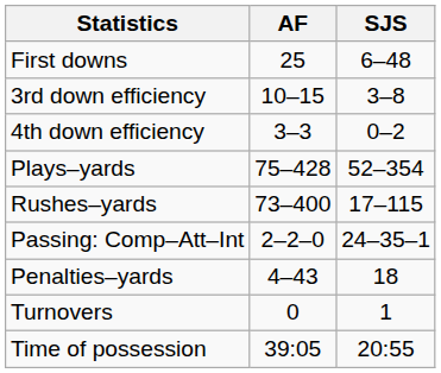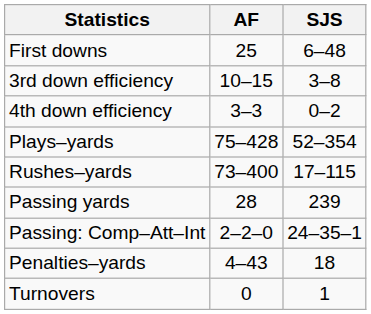 <table class="wikitable">
 <tr>
 <th>Statistics</th>
 <th>AF</th>
 <th>SJS</th>
 </tr>
 <tr>
 <td>First downs</td>
 <td align=center>25</td>
 <td align=center>6–48</td>
 </tr>
 <tr>
 <td>3rd down efficiency</td>
 <td align=center>10–15</td>
 <td align=center>3–8</td>
 </tr>
 <tr>
 <td>4th down efficiency</td>
 <td align=center>3–3</td>
 <td align=center>0–2</td>
 </tr>
 <tr>
 <td>Plays–yards</td>
 <td align=center>75–428</td>
 <td align=center>52–354</td>
 </tr>
 <tr>
 <td>Rushes–yards</td>
 <td align=center>73–400</td>
 <td align=center>17–115</td>
 </tr>
 <tr>
+<td>Passing yards</td>
+<td align=center>28</td>
+<td align=center>239</td>
+</tr>
+<tr>
 <td>Passing: Comp–Att–Int</td>
 <td align=center>2–2–0</td>
 <td align=center>24–35–1</td>
 </tr>
 <tr>
 <td>Penalties–yards</td>
 <td align=center>4–43</td>
 <td align=center>18</td>
 </tr>
 <tr>
 <td>Turnovers</td>
 <td align=center>0</td>
 <td align=center>1</td>
 </tr>
-<tr>
-<td>Time of possession</td>
-<td align=center>39:05</td>
-<td align=center>20:55</td>
-</tr>
 </table>
